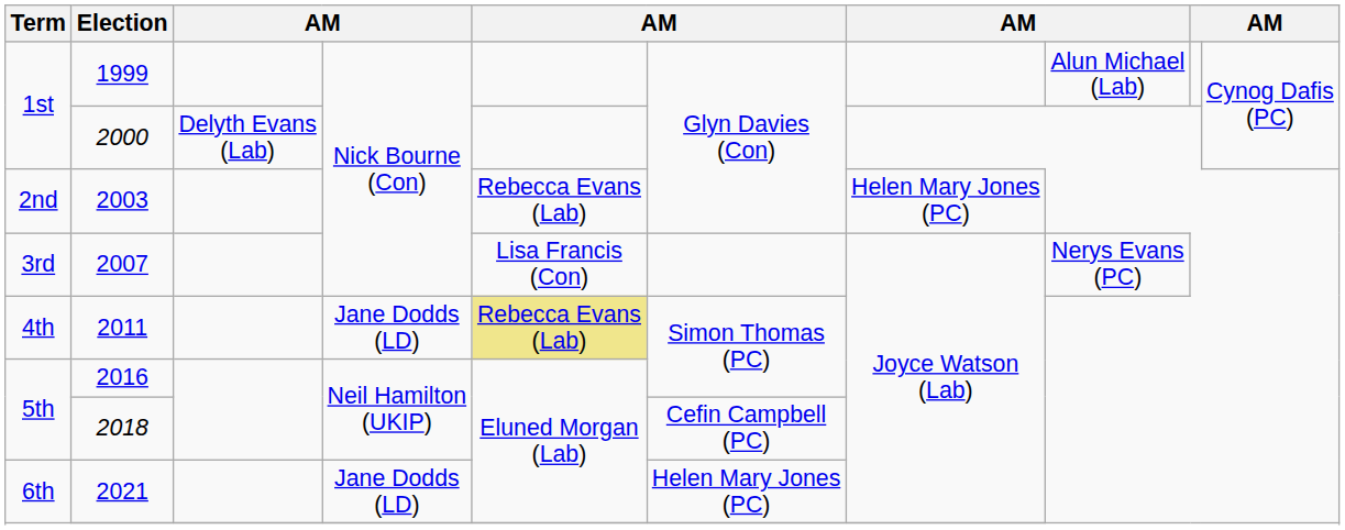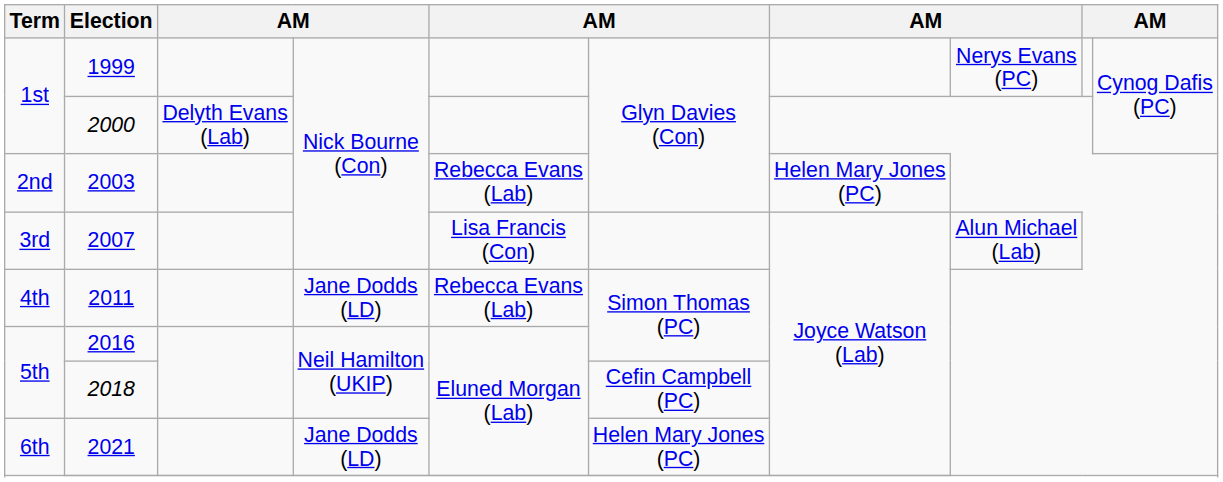 <table class="wikitable" style="text-align:center">
 <tr>
 <th>Term</th>
 <th>Election</th>
 <th colspan="2">AM</th>
 <th colspan="2">AM</th>
 <th colspan="2">AM</th>
 <th colspan="2">AM</th>
 </tr>
 <tr>
 <td rowspan="2"><a href='#'>1st</a></td>
 <td><a href='#'>1999</a></td>
 <td></td>
 <td rowspan="4"><a href='#'>Nick Bourne</a><br>(<a href='#'>Con</a>)</td>
 <td></td>
 <td rowspan="3"><a href='#'>Glyn Davies</a><br>(<a href='#'>Con</a>)</td>
 <td></td>
-<td><a href='#'>Alun Michael</a><br>(<a href='#'>Lab</a>)</td>
+<td><a href='#'>Nerys Evans</a><br>(<a href='#'>PC</a>)</td>
 <td></td>
 <td rowspan="2"><a href='#'>Cynog Dafis</a><br>(<a href='#'>PC</a>)</td>
 </tr>
 <tr>
 <td><em>2000</em></td>
 <td><a href='#'>Delyth Evans</a><br>(<a href='#'>Lab</a>)</td>
 </tr>
 <tr>
 <td><a href='#'>2nd</a></td>
 <td><a href='#'>2003</a></td>
 <td style="color:inherit;background:"></td>
 <td><a href='#'>Rebecca Evans</a><br>(<a href='#'>Lab</a>)</td>
 <td><a href='#'>Helen Mary Jones</a><br>(<a href='#'>PC</a>)</td>
 </tr>
 <tr>
 <td><a href='#'>3rd</a></td>
 <td><a href='#'>2007</a></td>
 <td></td>
 <td><a href='#'>Lisa Francis</a><br>(<a href='#'>Con</a>)</td>
 <td></td>
 <td rowspan="5"><a href='#'>Joyce Watson</a><br>(<a href='#'>Lab</a>)</td>
-<td><a href='#'>Nerys Evans</a><br>(<a href='#'>PC</a>)</td>
+<td><a href='#'>Alun Michael</a><br>(<a href='#'>Lab</a>)</td>
 </tr>
 <tr>
 <td><a href='#'>4th</a></td>
 <td><a href='#'>2011</a></td>
 <td style="color:inherit;background:"></td>
 <td><a href='#'>Jane Dodds</a><br>(<a href='#'>LD</a>)</td>
-<td style="background: khaki;"><a href='#'>Rebecca Evans</a><br>(<a href='#'>Lab</a>)</td>
+<td><a href='#'>Rebecca Evans</a><br>(<a href='#'>Lab</a>)</td>
 <td rowspan="2"><a href='#'>Simon Thomas</a><br>(<a href='#'>PC</a>)</td>
 </tr>
 <tr>
 <td rowspan="2"><a href='#'>5th</a></td>
 <td><a href='#'>2016</a></td>
 <td rowspan="2" style="color:inherit;background:"></td>
 <td rowspan="2"><a href='#'>Neil Hamilton</a><br>(<a href='#'>UKIP</a>)</td>
 <td rowspan="3"><a href='#'>Eluned Morgan</a><br>(<a href='#'>Lab</a>)</td>
 </tr>
 <tr>
 <td><em>2018</em></td>
 <td><a href='#'>Cefin Campbell</a><br>(<a href='#'>PC</a>)</td>
 </tr>
 <tr>
 <td rowspan="3"><a href='#'>6th</a></td>
 <td><a href='#'>2021</a></td>
 <td style="color:inherit;background:"></td>
 <td><a href='#'>Jane Dodds</a><br>(<a href='#'>LD</a>)</td>
 <td><a href='#'>Helen Mary Jones</a><br>(<a href='#'>PC</a>)</td>
 </tr>
 <tr>
 </tr>
 </table>
